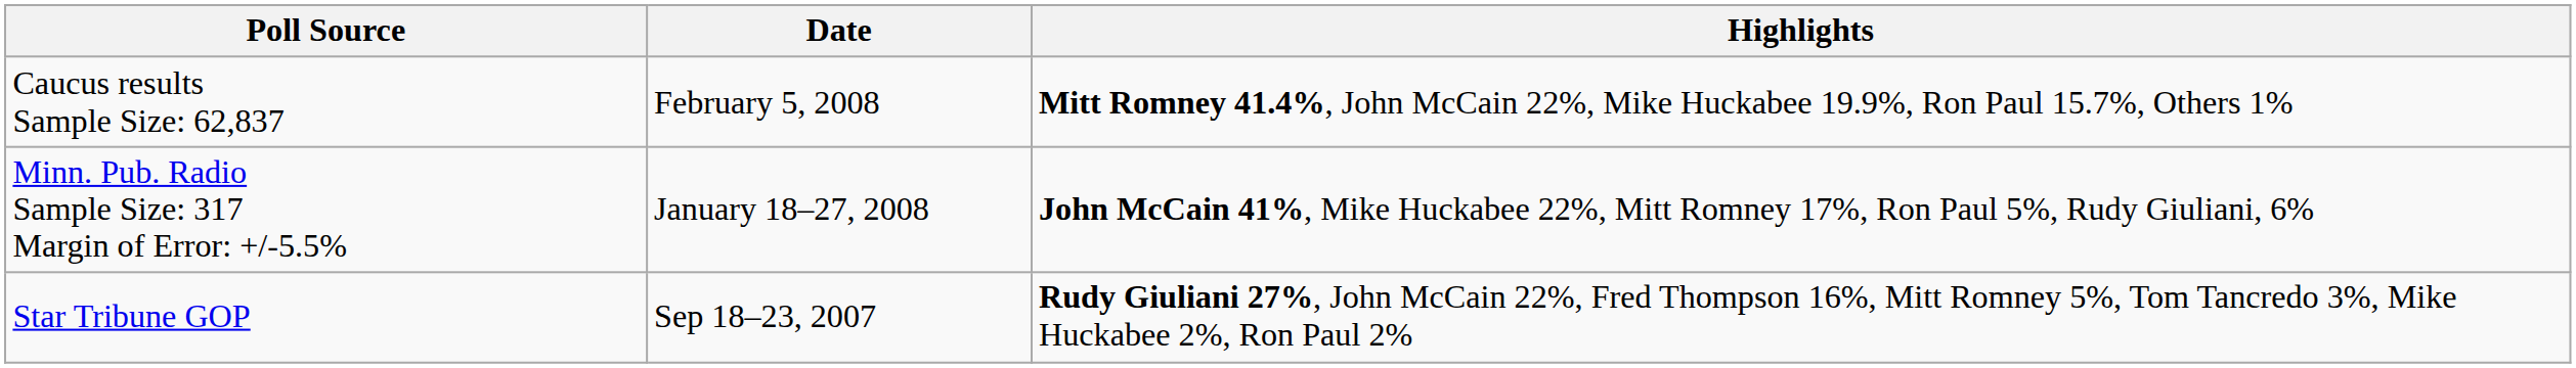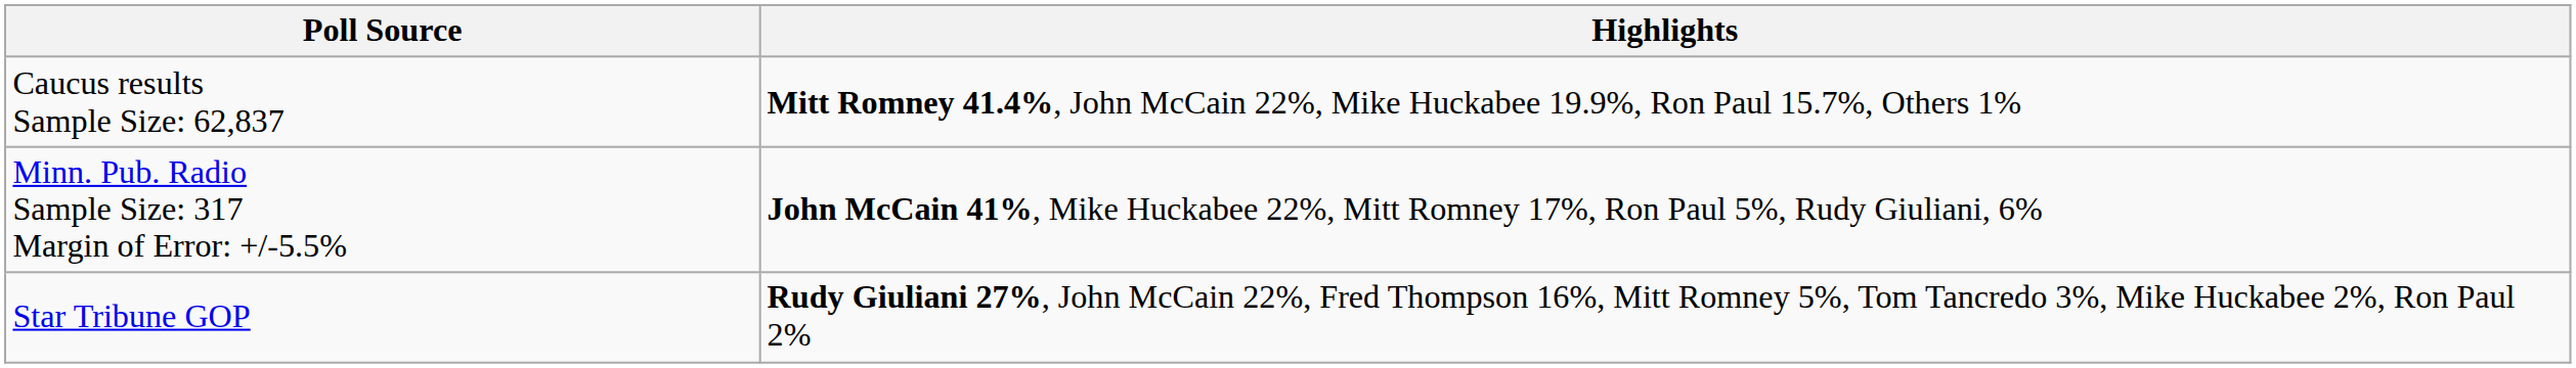 <table class="wikitable sortable">
 <tr>
 <th width="25%">Poll Source</th>
-<th width="15%">Date</th>
 <th width="60%">Highlights</th>
 </tr>
 <tr>
 <td>Caucus results<br>Sample Size: 62,837</td>
-<td>February 5, 2008</td>
 <td><strong>Mitt Romney 41.4%</strong>, John McCain 22%, Mike Huckabee 19.9%, Ron Paul 15.7%, Others 1%</td>
 </tr>
 <tr>
 <td><a href='#'>Minn. Pub. Radio</a><br>Sample Size: 317<br> Margin of Error: +/-5.5%</td>
-<td>January 18–27, 2008</td>
 <td><strong>John McCain 41%</strong>, Mike Huckabee 22%, Mitt Romney 17%, Ron Paul 5%, Rudy Giuliani, 6%</td>
 </tr>
 <tr>
 <td><a href='#'>Star Tribune GOP</a></td>
-<td>Sep 18–23, 2007</td>
 <td><strong>Rudy Giuliani 27%</strong>, John McCain 22%, Fred Thompson 16%, Mitt Romney 5%, Tom Tancredo 3%, Mike Huckabee 2%, Ron Paul 2%</td>
 </tr>
 </table>
